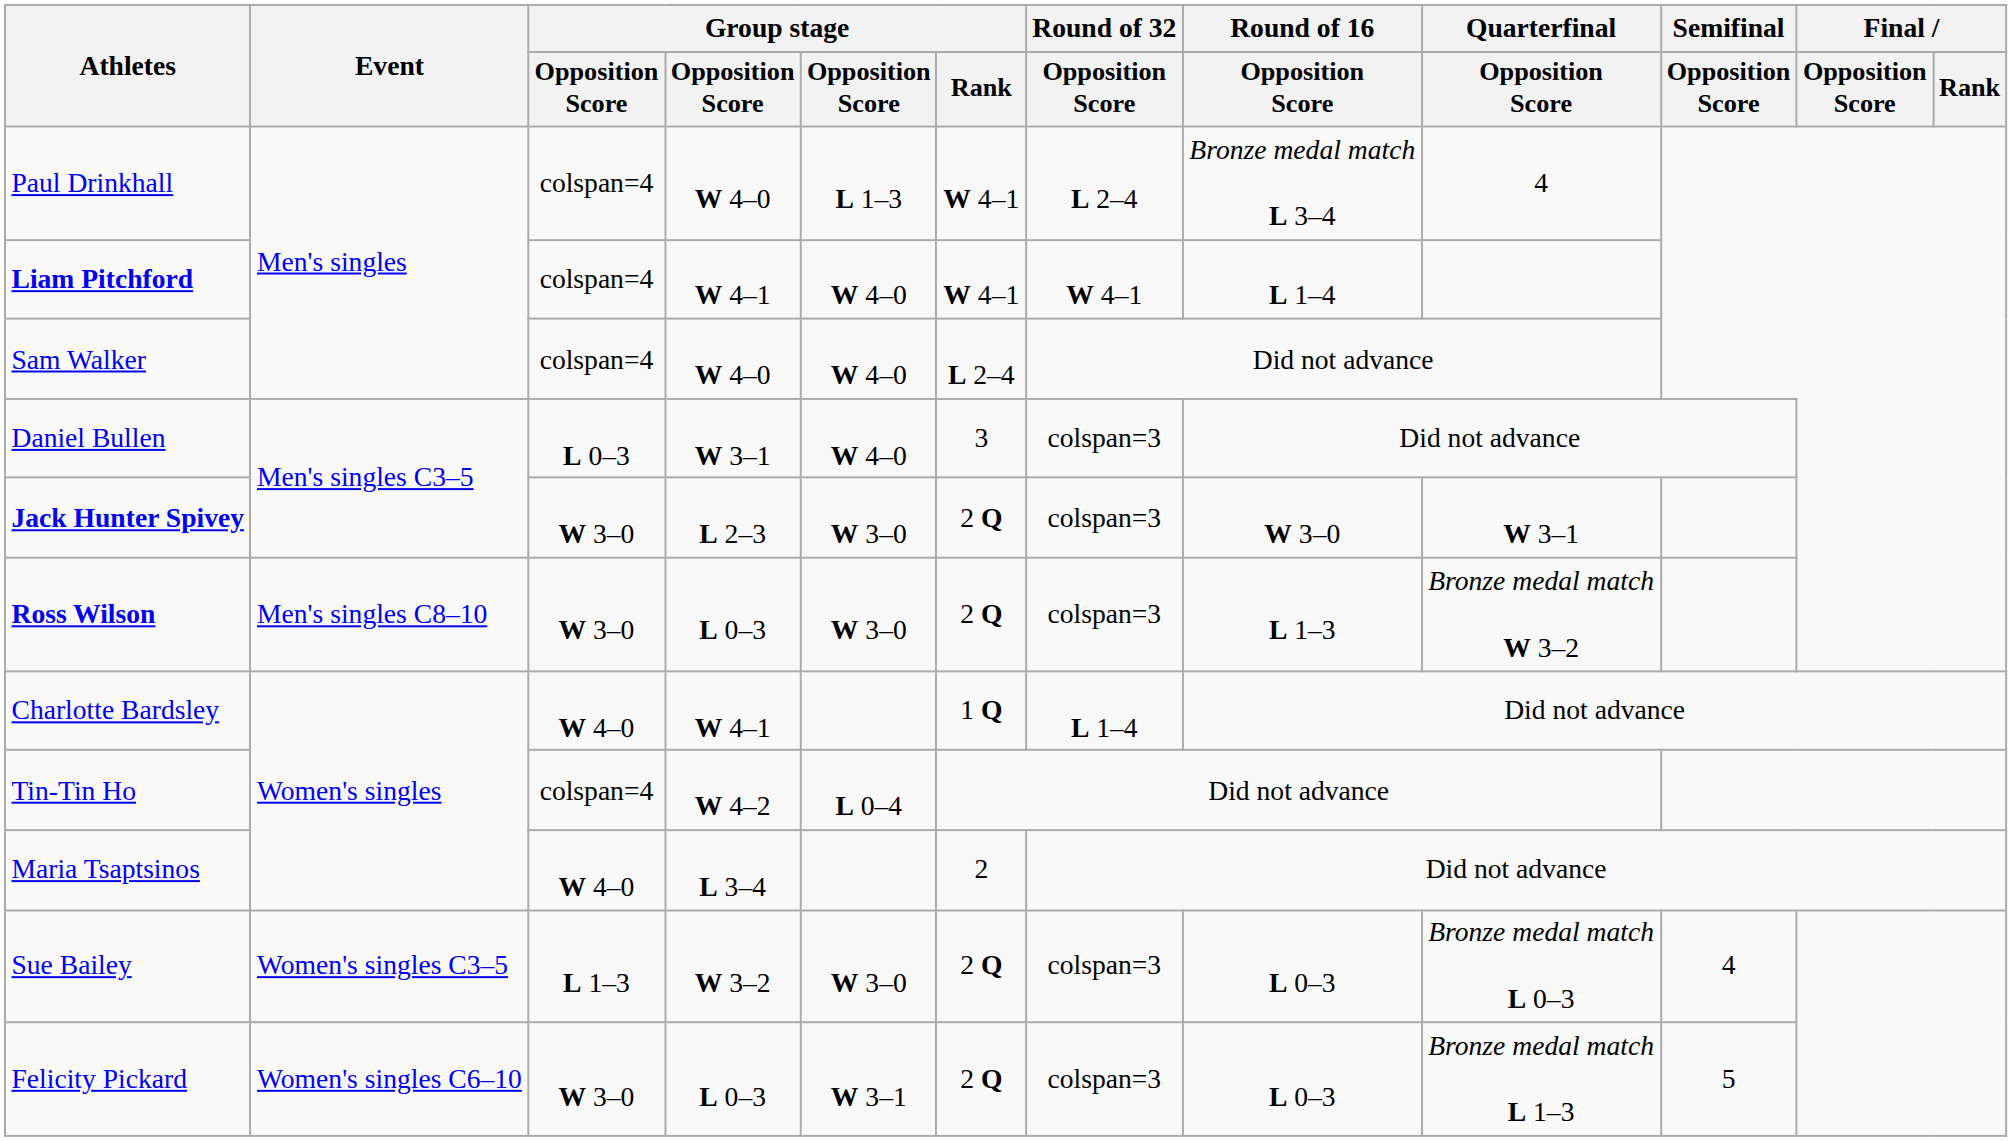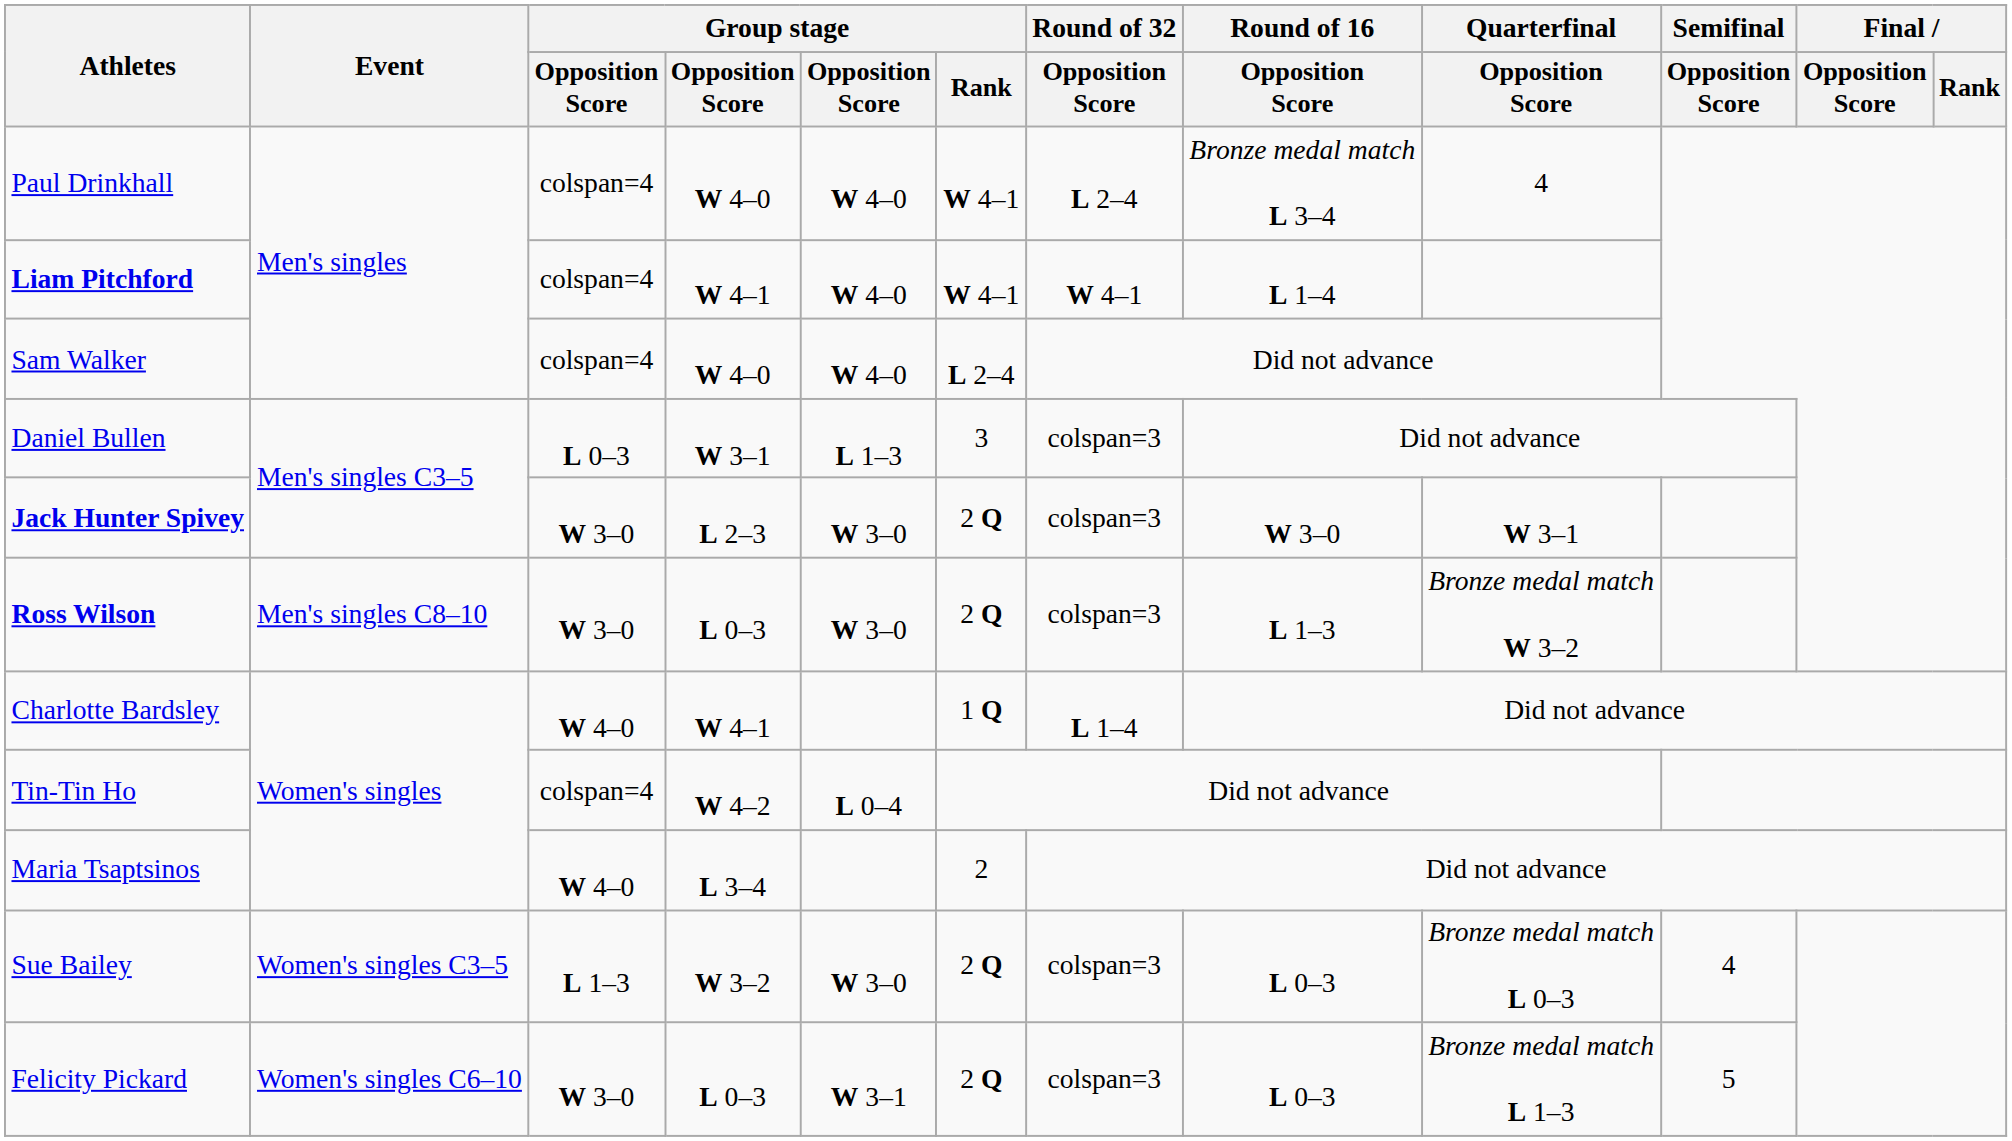 <table class=wikitable style=font-size:88%;text-align:center>
 <tr>
 <th rowspan=2>Athletes</th>
 <th rowspan=2>Event</th>
 <th colspan=4>Group stage</th>
 <th>Round of 32</th>
 <th>Round of 16</th>
 <th>Quarterfinal</th>
 <th>Semifinal</th>
 <th colspan=2>Final / </th>
 </tr>
 <tr style=font-size:95%>
 <th>Opposition<br>Score</th>
 <th>Opposition<br>Score</th>
 <th>Opposition<br>Score</th>
 <th>Rank</th>
 <th>Opposition<br>Score</th>
 <th>Opposition<br>Score</th>
 <th>Opposition<br>Score</th>
 <th>Opposition<br>Score</th>
 <th>Opposition<br>Score</th>
 <th>Rank</th>
 </tr>
 <tr>
 <td align=left><a href='#'>Paul Drinkhall</a></td>
 <td align=left rowspan=3><a href='#'>Men's singles</a></td>
 <td>colspan=4 </td>
 <td><br><strong>W</strong> 4–0</td>
-<td><br><strong>L</strong> 1–3</td>
+<td><br><strong>W</strong> 4–0</td>
 <td><br><strong>W</strong> 4–1</td>
 <td><br><strong>L</strong> 2–4</td>
 <td><em>Bronze medal match</em><br><br><strong>L</strong> 3–4</td>
 <td>4</td>
 </tr>
 <tr>
 <td align=left><strong><a href='#'>Liam Pitchford</a></strong></td>
 <td>colspan=4 </td>
 <td><br><strong>W</strong> 4–1</td>
 <td><br><strong>W</strong> 4–0</td>
 <td><br><strong>W</strong> 4–1</td>
 <td><br><strong>W</strong> 4–1</td>
 <td><br><strong>L</strong> 1–4</td>
 <td></td>
 </tr>
 <tr>
 <td align=left><a href='#'>Sam Walker</a></td>
 <td>colspan=4 </td>
 <td><br><strong>W</strong> 4–0</td>
 <td><br><strong>W</strong> 4–0</td>
 <td><br><strong>L</strong> 2–4</td>
 <td colspan=3>Did not advance</td>
 </tr>
 <tr>
 <td align=left><a href='#'>Daniel Bullen</a></td>
 <td align=left rowspan=2><a href='#'>Men's singles C3–5</a></td>
 <td><br><strong>L</strong> 0–3</td>
 <td><br><strong>W</strong> 3–1</td>
-<td><br><strong>W</strong> 4–0</td>
+<td><br><strong>L</strong> 1–3</td>
 <td>3</td>
 <td>colspan=3 </td>
 <td colspan=3>Did not advance</td>
 </tr>
 <tr>
 <td align=left><strong><a href='#'>Jack Hunter Spivey</a></strong></td>
 <td><br><strong>W</strong> 3–0</td>
 <td><br><strong>L</strong> 2–3</td>
 <td><br><strong>W</strong> 3–0</td>
 <td>2 <strong>Q</strong></td>
 <td>colspan=3 </td>
 <td><br><strong>W</strong> 3–0</td>
 <td><br><strong>W</strong> 3–1</td>
 <td></td>
 </tr>
 <tr>
 <td align=left><strong><a href='#'>Ross Wilson</a></strong></td>
 <td align=left><a href='#'>Men's singles C8–10</a></td>
 <td><br><strong>W</strong> 3–0</td>
 <td><br><strong>L</strong> 0–3</td>
 <td><br><strong>W</strong> 3–0</td>
 <td>2 <strong>Q</strong></td>
 <td>colspan=3 </td>
 <td><br><strong>L</strong> 1–3</td>
 <td><em>Bronze medal match</em><br><br><strong>W</strong> 3–2</td>
 <td></td>
 </tr>
 <tr>
 <td align=left><a href='#'>Charlotte Bardsley</a></td>
 <td align=left rowspan=3><a href='#'>Women's singles</a></td>
 <td><br><strong>W</strong> 4–0</td>
 <td><br><strong>W</strong> 4–1</td>
 <td></td>
 <td>1 <strong>Q</strong></td>
 <td><br><strong>L</strong> 1–4</td>
 <td colspan=5>Did not advance</td>
 </tr>
 <tr>
 <td align=left><a href='#'>Tin-Tin Ho</a></td>
 <td>colspan=4 </td>
 <td><br><strong>W</strong> 4–2</td>
 <td><br><strong>L</strong> 0–4</td>
 <td colspan=4>Did not advance</td>
 </tr>
 <tr>
 <td align=left><a href='#'>Maria Tsaptsinos</a></td>
 <td><br><strong>W</strong> 4–0</td>
 <td><br><strong>L</strong> 3–4</td>
 <td></td>
 <td>2</td>
 <td colspan=6>Did not advance</td>
 </tr>
 <tr>
 <td align=left><a href='#'>Sue Bailey</a></td>
 <td align=left><a href='#'>Women's singles C3–5</a></td>
 <td><br><strong>L</strong> 1–3</td>
 <td><br><strong>W</strong> 3–2</td>
 <td><br><strong>W</strong> 3–0</td>
 <td>2 <strong>Q</strong></td>
 <td>colspan=3 </td>
 <td><br><strong>L</strong> 0–3</td>
 <td><em>Bronze medal match</em><br><br><strong>L</strong> 0–3</td>
 <td>4</td>
 </tr>
 <tr>
 <td align=left><a href='#'>Felicity Pickard</a></td>
 <td align=left><a href='#'>Women's singles C6–10</a></td>
 <td><br><strong>W</strong> 3–0</td>
 <td><br><strong>L</strong> 0–3</td>
 <td><br><strong>W</strong> 3–1</td>
 <td>2 <strong>Q</strong></td>
 <td>colspan=3 </td>
 <td><br><strong>L</strong> 0–3</td>
 <td><em>Bronze medal match</em><br><br><strong>L</strong> 1–3</td>
 <td>5</td>
 </tr>
 </table>
